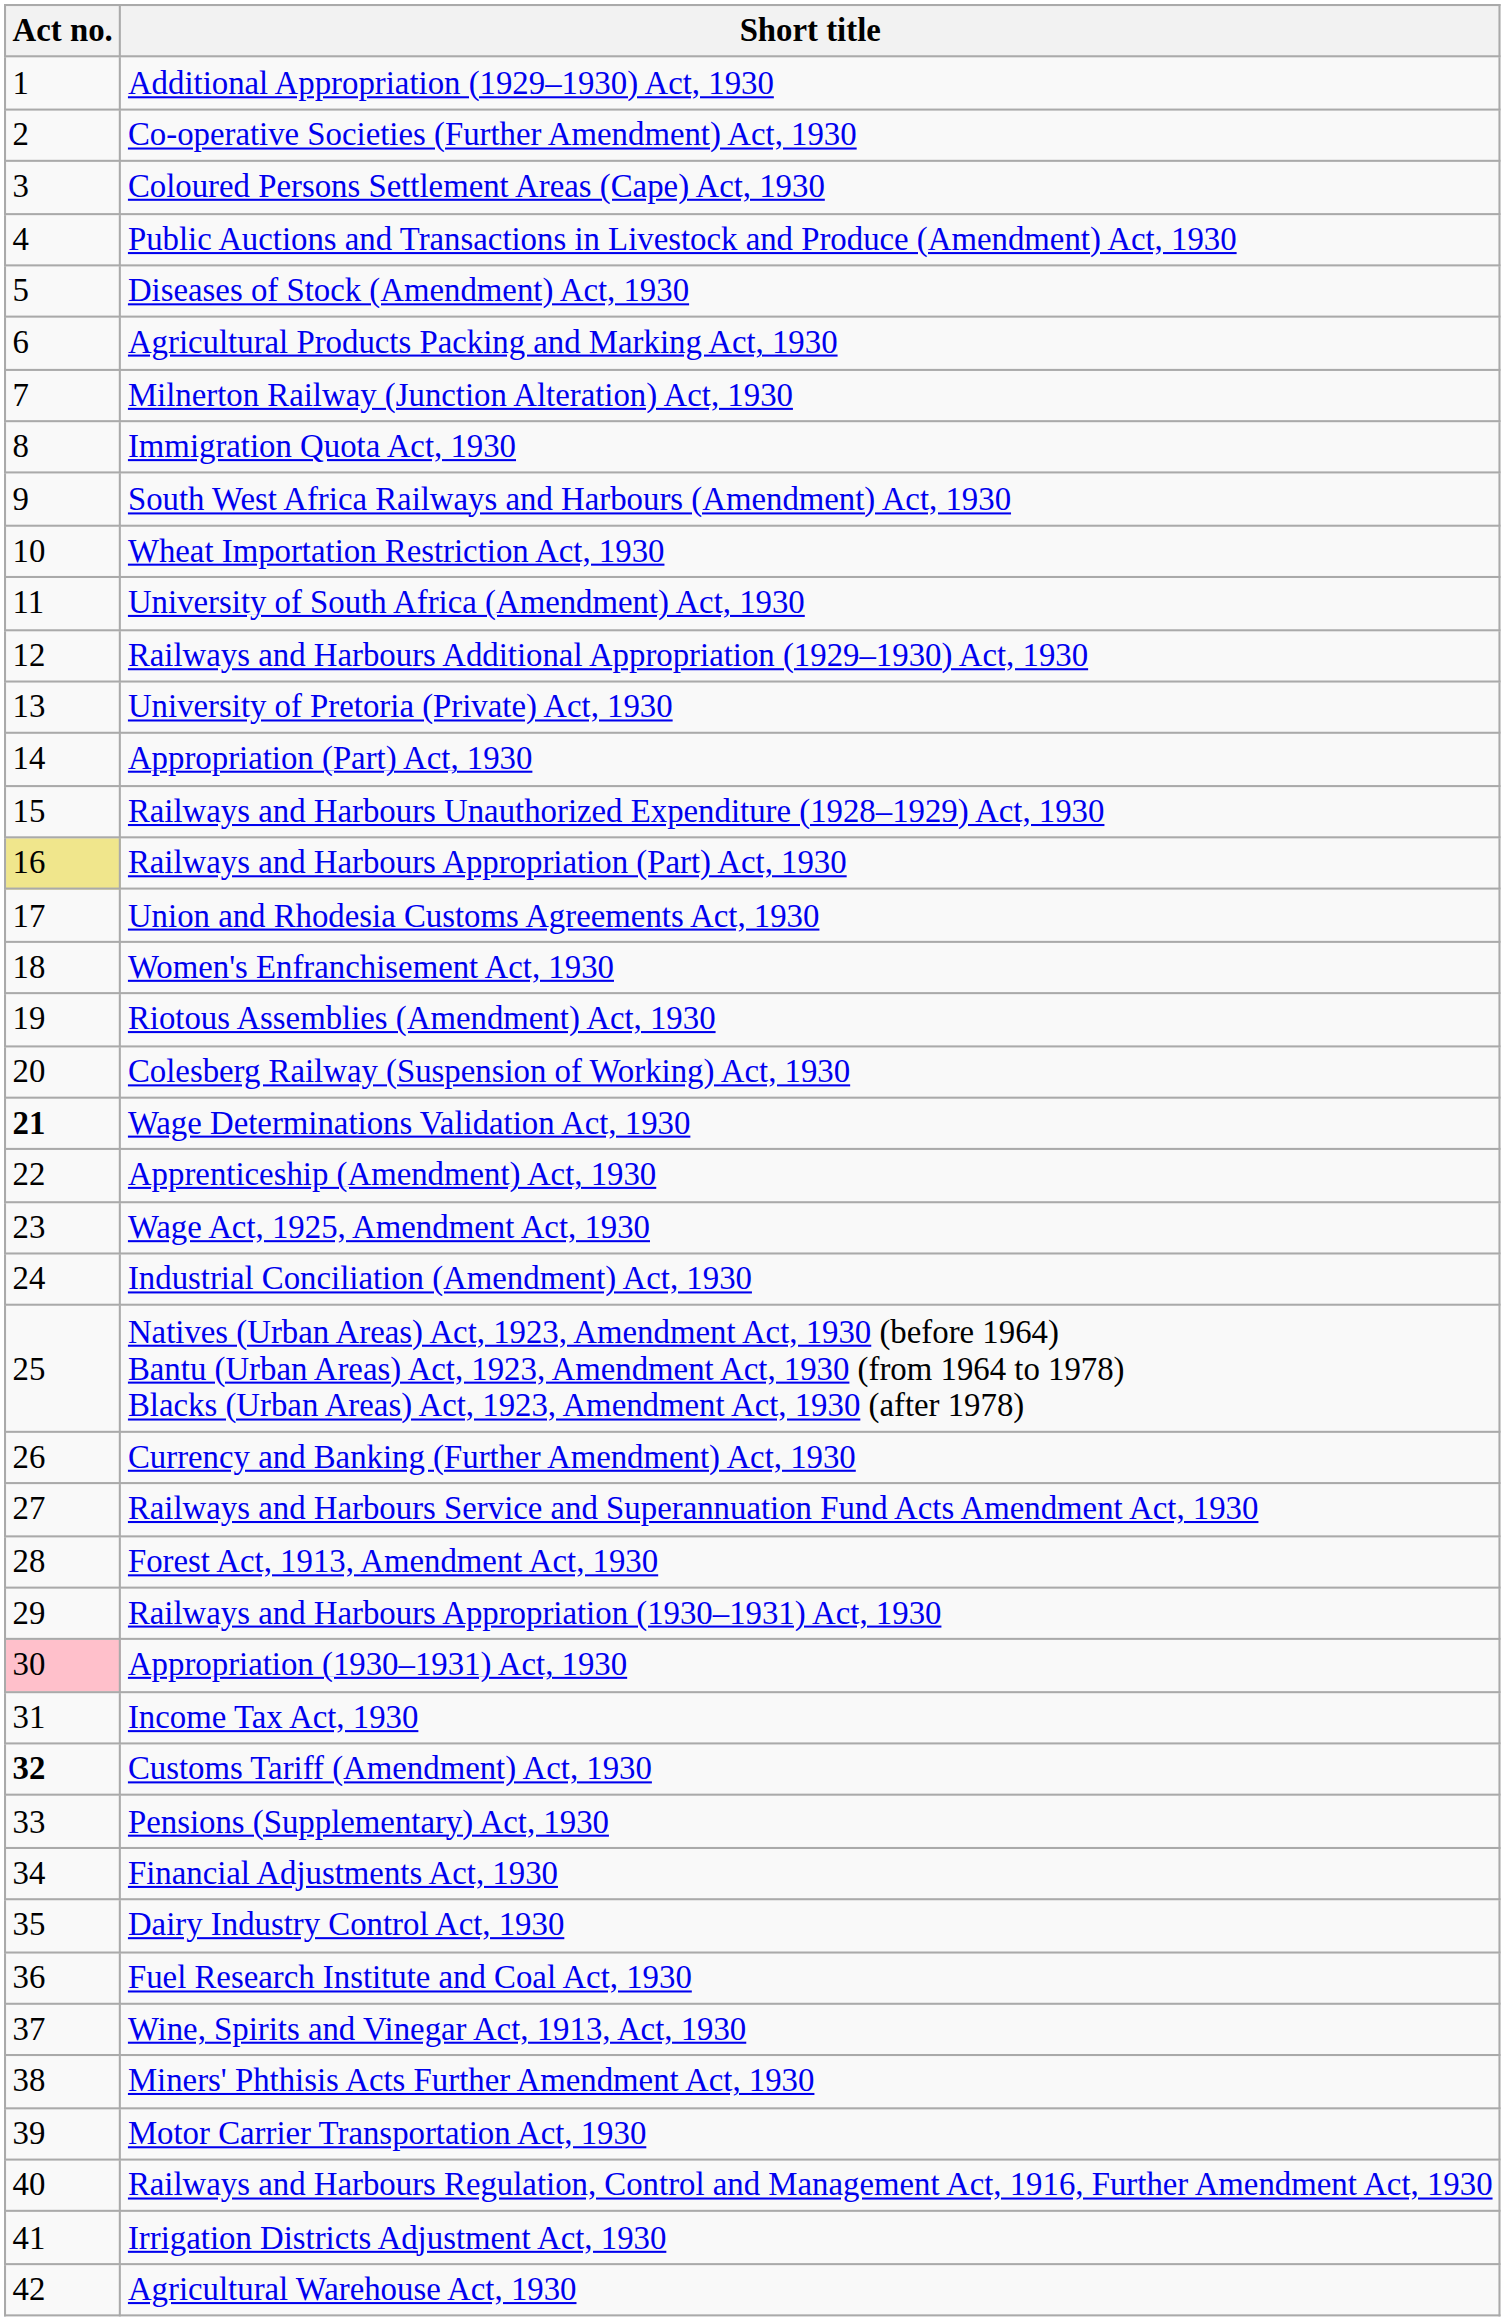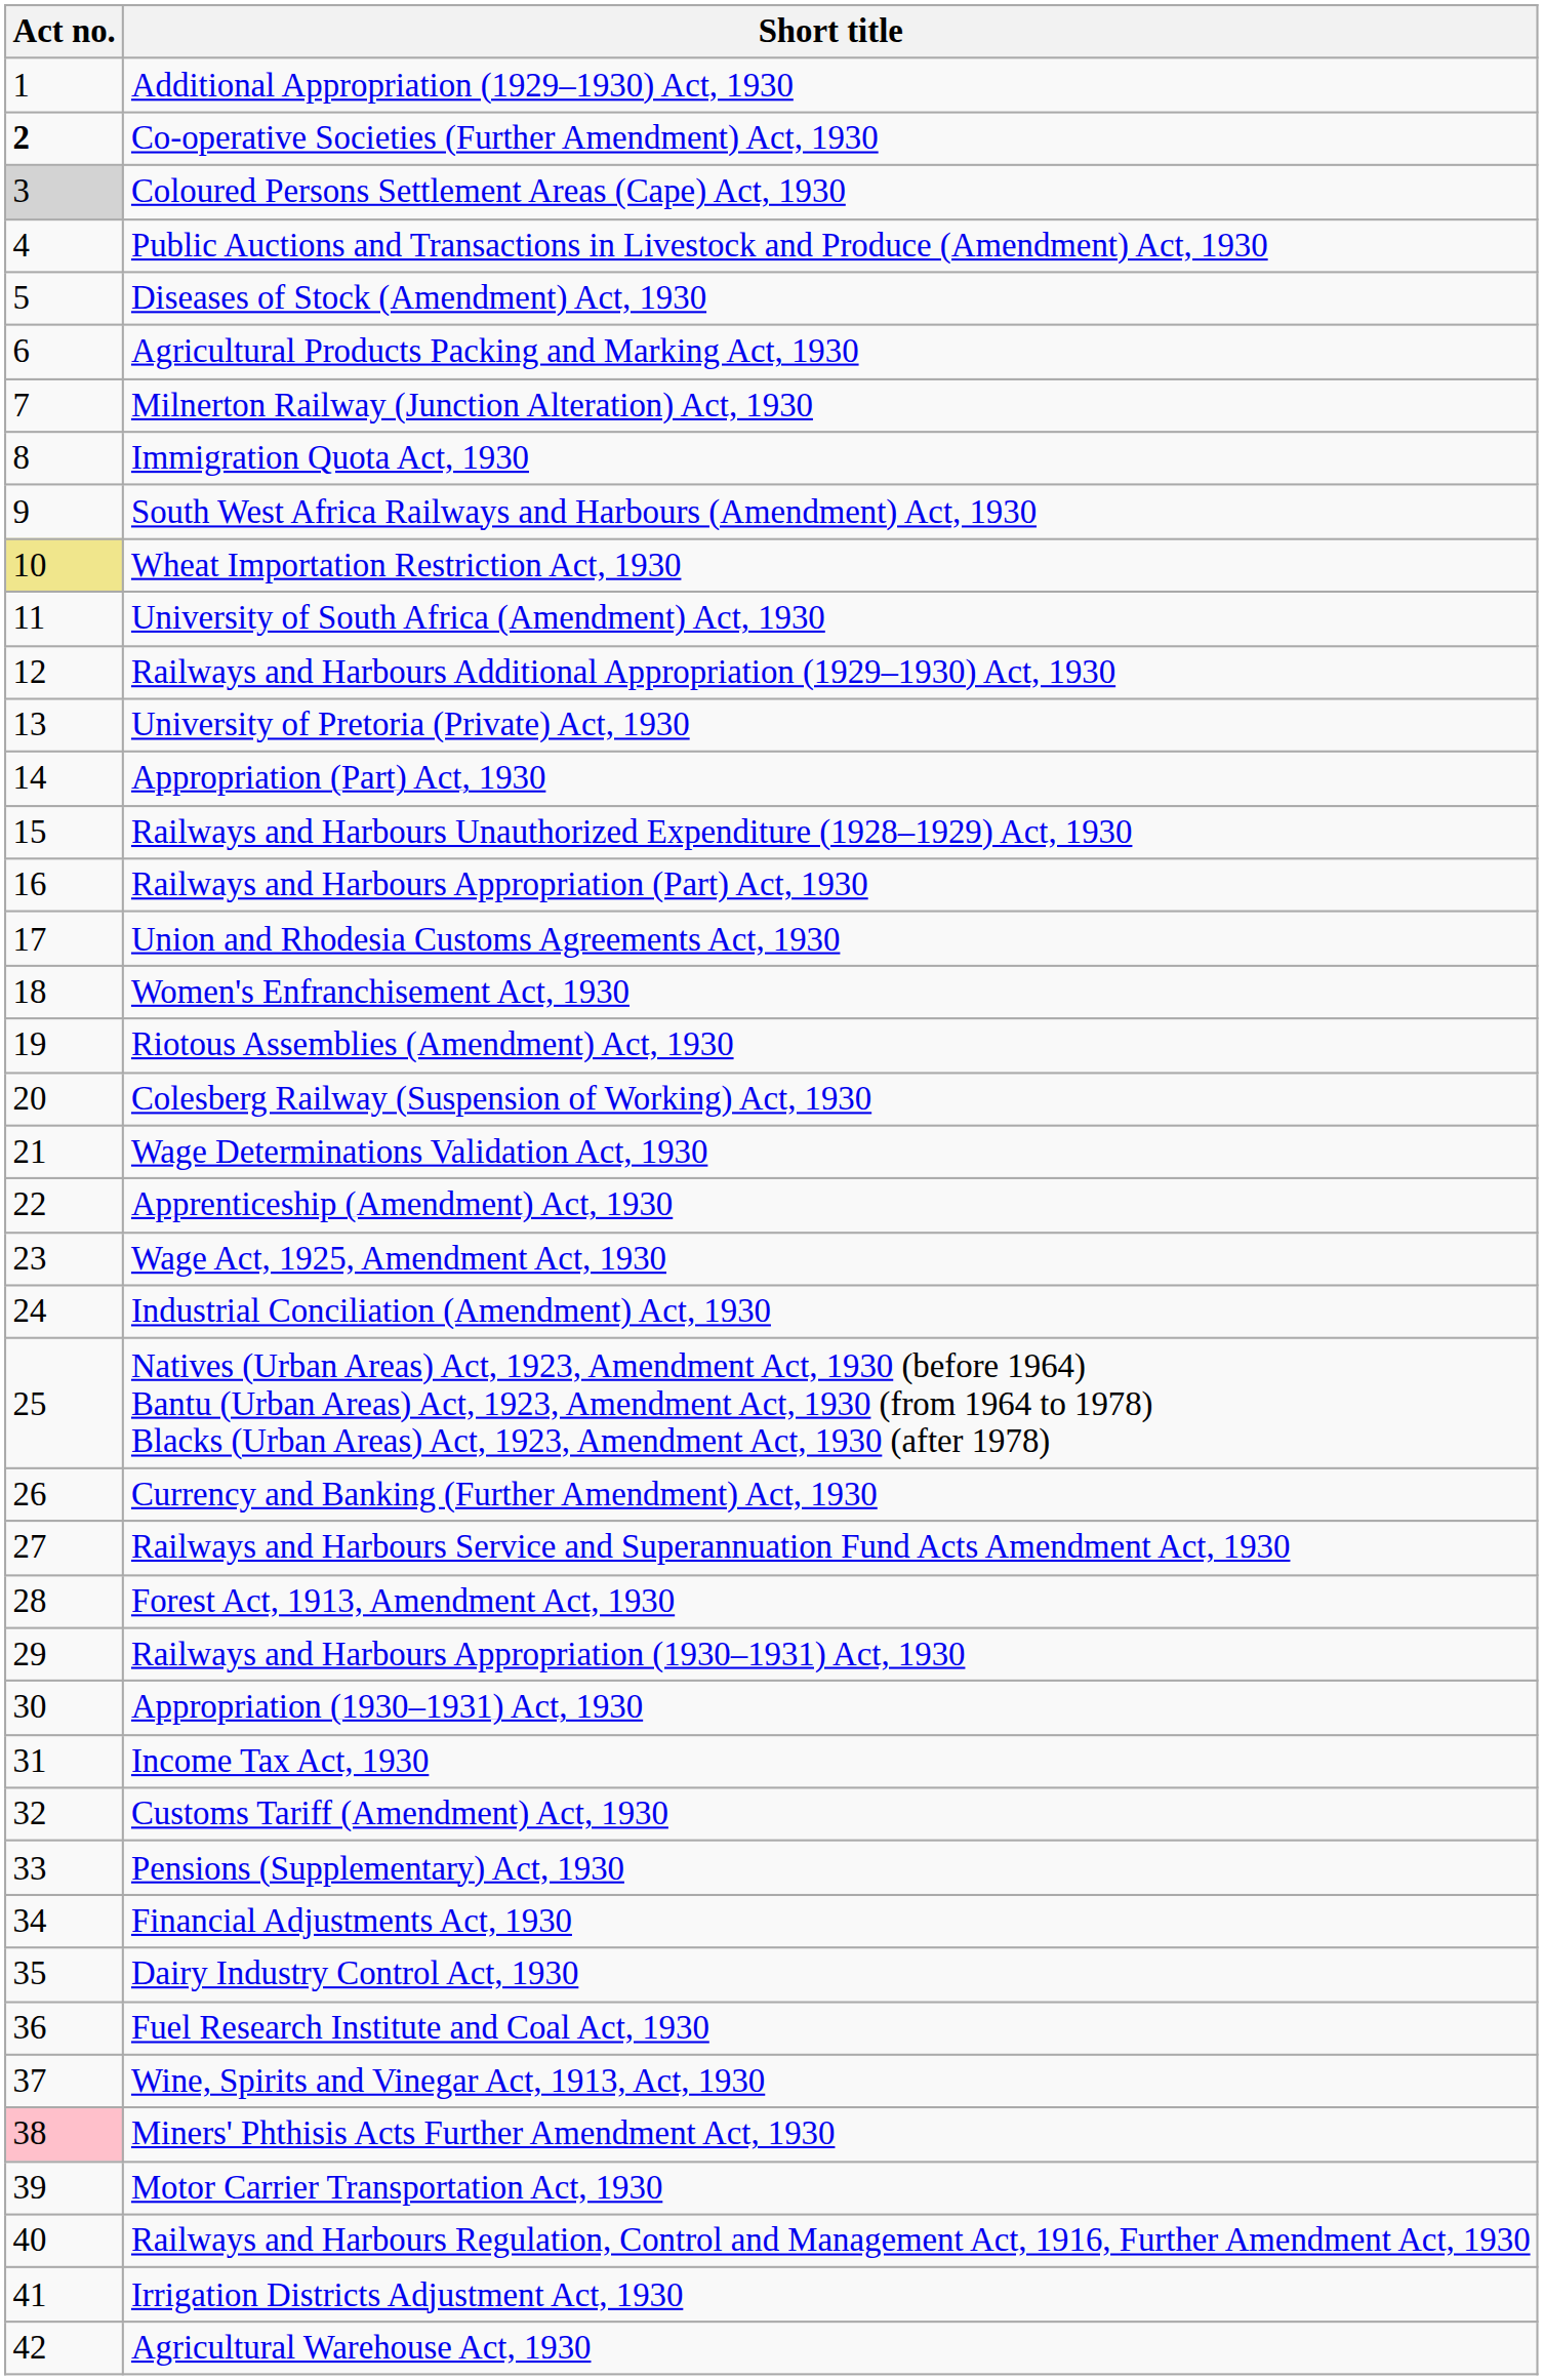 <table class="wikitable sortable">
 <tr>
 <th>Act no.</th>
 <th>Short title</th>
 </tr>
 <tr>
 <td>1</td>
 <td><a href='#'>Additional Appropriation (1929–1930) Act, 1930</a></td>
 </tr>
 <tr>
-<td>2</td>
+<td><strong>2</strong></td>
 <td><a href='#'>Co-operative Societies (Further Amendment) Act, 1930</a></td>
 </tr>
 <tr>
-<td>3</td>
+<td style="background: lightgrey;">3</td>
 <td><a href='#'>Coloured Persons Settlement Areas (Cape) Act, 1930</a></td>
 </tr>
 <tr>
 <td>4</td>
 <td><a href='#'>Public Auctions and Transactions in Livestock and Produce (Amendment) Act, 1930</a></td>
 </tr>
 <tr>
 <td>5</td>
 <td><a href='#'>Diseases of Stock (Amendment) Act, 1930</a></td>
 </tr>
 <tr>
 <td>6</td>
 <td><a href='#'>Agricultural Products Packing and Marking Act, 1930</a></td>
 </tr>
 <tr>
 <td>7</td>
 <td><a href='#'>Milnerton Railway (Junction Alteration) Act, 1930</a></td>
 </tr>
 <tr>
 <td>8</td>
 <td><a href='#'>Immigration Quota Act, 1930</a></td>
 </tr>
 <tr>
 <td>9</td>
 <td><a href='#'>South West Africa Railways and Harbours (Amendment) Act, 1930</a></td>
 </tr>
 <tr>
-<td>10</td>
+<td style="background: khaki;">10</td>
 <td><a href='#'>Wheat Importation Restriction Act, 1930</a></td>
 </tr>
 <tr>
 <td>11</td>
 <td><a href='#'>University of South Africa (Amendment) Act, 1930</a></td>
 </tr>
 <tr>
 <td>12</td>
 <td><a href='#'>Railways and Harbours Additional Appropriation (1929–1930) Act, 1930</a></td>
 </tr>
 <tr>
 <td>13</td>
 <td><a href='#'>University of Pretoria (Private) Act, 1930</a></td>
 </tr>
 <tr>
 <td>14</td>
 <td><a href='#'>Appropriation (Part) Act, 1930</a></td>
 </tr>
 <tr>
 <td>15</td>
 <td><a href='#'>Railways and Harbours Unauthorized Expenditure (1928–1929) Act, 1930</a></td>
 </tr>
 <tr>
-<td style="background: khaki;">16</td>
+<td>16</td>
 <td><a href='#'>Railways and Harbours Appropriation (Part) Act, 1930</a></td>
 </tr>
 <tr>
 <td>17</td>
 <td><a href='#'>Union and Rhodesia Customs Agreements Act, 1930</a></td>
 </tr>
 <tr>
 <td>18</td>
 <td><a href='#'>Women's Enfranchisement Act, 1930</a></td>
 </tr>
 <tr>
 <td>19</td>
 <td><a href='#'>Riotous Assemblies (Amendment) Act, 1930</a></td>
 </tr>
 <tr>
 <td>20</td>
 <td><a href='#'>Colesberg Railway (Suspension of Working) Act, 1930</a></td>
 </tr>
 <tr>
-<td><strong>21</strong></td>
+<td>21</td>
 <td><a href='#'>Wage Determinations Validation Act, 1930</a></td>
 </tr>
 <tr>
 <td>22</td>
 <td><a href='#'>Apprenticeship (Amendment) Act, 1930</a></td>
 </tr>
 <tr>
 <td>23</td>
 <td><a href='#'>Wage Act, 1925, Amendment Act, 1930</a></td>
 </tr>
 <tr>
 <td>24</td>
 <td><a href='#'>Industrial Conciliation (Amendment) Act, 1930</a></td>
 </tr>
 <tr>
 <td>25</td>
 <td><a href='#'>Natives (Urban Areas) Act, 1923, Amendment Act, 1930</a> (before 1964) <br><a href='#'>Bantu (Urban Areas) Act, 1923, Amendment Act, 1930</a> (from 1964 to 1978) <br><a href='#'>Blacks (Urban Areas) Act, 1923, Amendment Act, 1930</a> (after 1978)</td>
 </tr>
 <tr>
 <td>26</td>
 <td><a href='#'>Currency and Banking (Further Amendment) Act, 1930</a></td>
 </tr>
 <tr>
 <td>27</td>
 <td><a href='#'>Railways and Harbours Service and Superannuation Fund Acts Amendment Act, 1930</a></td>
 </tr>
 <tr>
 <td>28</td>
 <td><a href='#'>Forest Act, 1913, Amendment Act, 1930</a></td>
 </tr>
 <tr>
 <td>29</td>
 <td><a href='#'>Railways and Harbours Appropriation (1930–1931) Act, 1930</a></td>
 </tr>
 <tr>
-<td style="background: pink;">30</td>
+<td>30</td>
 <td><a href='#'>Appropriation (1930–1931) Act, 1930</a></td>
 </tr>
 <tr>
 <td>31</td>
 <td><a href='#'>Income Tax Act, 1930</a></td>
 </tr>
 <tr>
-<td><strong>32</strong></td>
+<td>32</td>
 <td><a href='#'>Customs Tariff (Amendment) Act, 1930</a></td>
 </tr>
 <tr>
 <td>33</td>
 <td><a href='#'>Pensions (Supplementary) Act, 1930</a></td>
 </tr>
 <tr>
 <td>34</td>
 <td><a href='#'>Financial Adjustments Act, 1930</a></td>
 </tr>
 <tr>
 <td>35</td>
 <td><a href='#'>Dairy Industry Control Act, 1930</a></td>
 </tr>
 <tr>
 <td>36</td>
 <td><a href='#'>Fuel Research Institute and Coal Act, 1930</a></td>
 </tr>
 <tr>
 <td>37</td>
 <td><a href='#'>Wine, Spirits and Vinegar Act, 1913, Act, 1930</a></td>
 </tr>
 <tr>
-<td>38</td>
+<td style="background: pink;">38</td>
 <td><a href='#'>Miners' Phthisis Acts Further Amendment Act, 1930</a></td>
 </tr>
 <tr>
 <td>39</td>
 <td><a href='#'>Motor Carrier Transportation Act, 1930</a></td>
 </tr>
 <tr>
 <td>40</td>
 <td><a href='#'>Railways and Harbours Regulation, Control and Management Act, 1916, Further Amendment Act, 1930</a></td>
 </tr>
 <tr>
 <td>41</td>
 <td><a href='#'>Irrigation Districts Adjustment Act, 1930</a></td>
 </tr>
 <tr>
 <td>42</td>
 <td><a href='#'>Agricultural Warehouse Act, 1930</a></td>
 </tr>
 </table>
